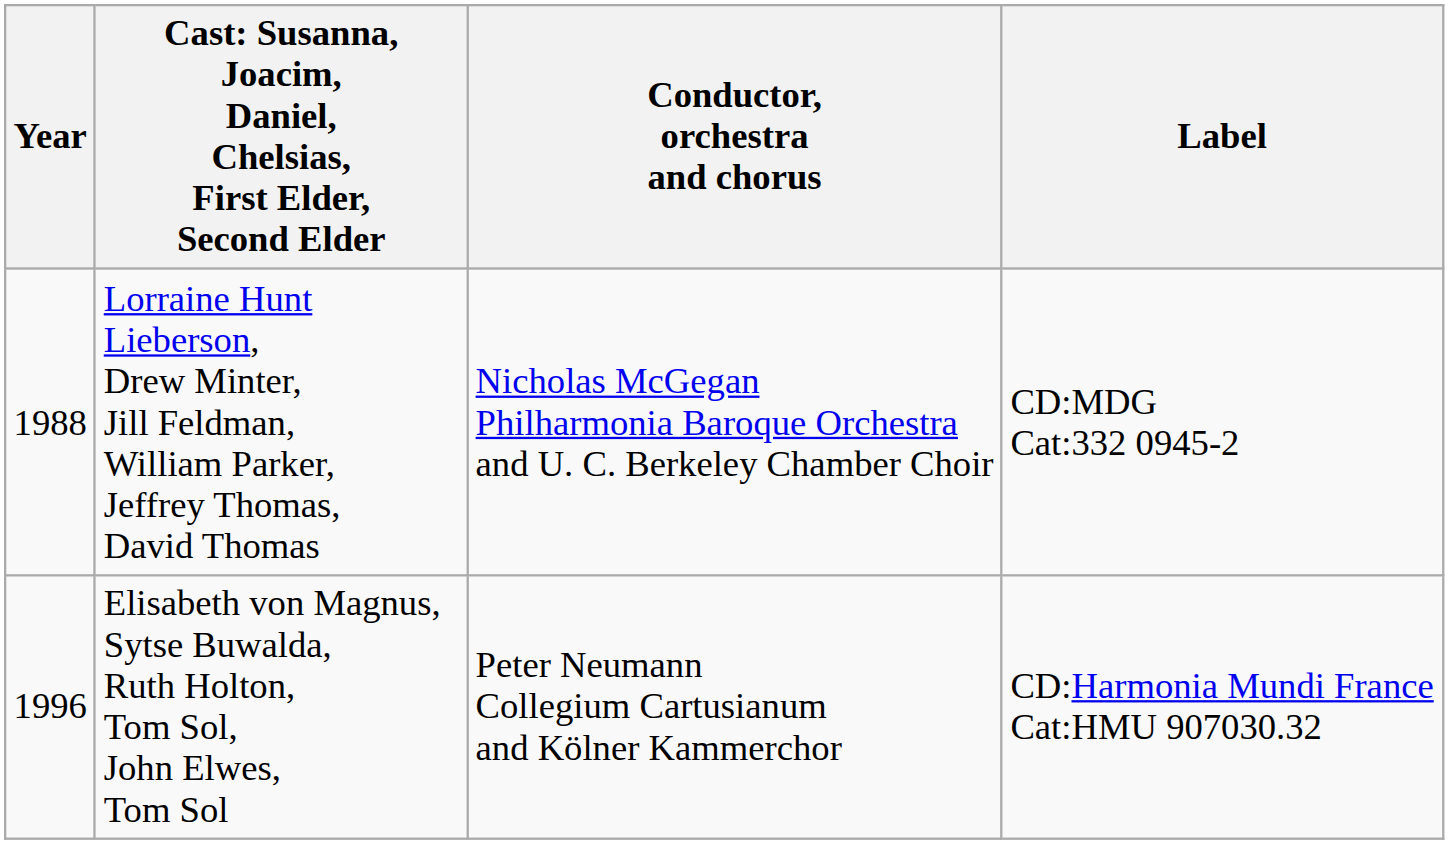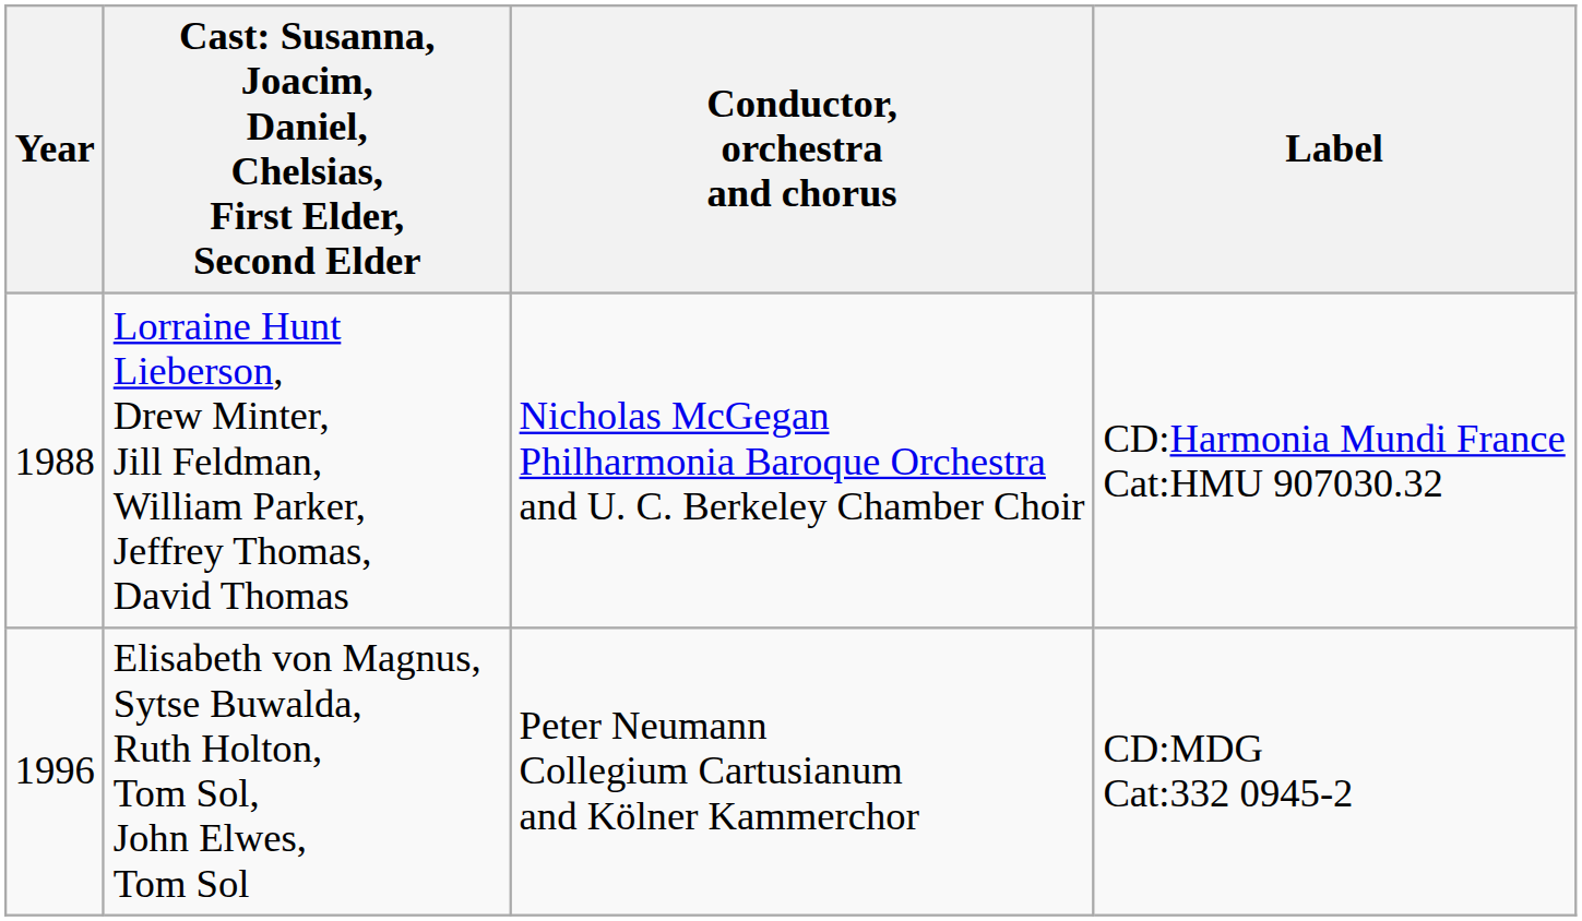 <table class="wikitable">
 <tr>
 <th>Year</th>
 <th width="155">Cast: Susanna,<br>Joacim,<br>Daniel,<br>Chelsias,<br>First Elder,<br>Second Elder<br></th>
 <th>Conductor,<br>orchestra<br>and chorus</th>
 <th>Label</th>
 </tr>
 <tr>
 <td>1988</td>
 <td><a href='#'>Lorraine Hunt Lieberson</a>,<br>Drew Minter,<br>Jill Feldman,<br>William Parker,<br>Jeffrey Thomas,<br>David Thomas<br></td>
 <td><a href='#'>Nicholas McGegan</a><br><a href='#'>Philharmonia Baroque Orchestra</a><br> and U. C. Berkeley Chamber Choir</td>
-<td>CD:MDG<br> Cat:332 0945-2</td>
+<td>CD:<a href='#'>Harmonia Mundi France</a><br> Cat:HMU 907030.32</td>
 </tr>
 <tr>
 <td>1996</td>
 <td>Elisabeth von Magnus,<br>Sytse Buwalda,<br>Ruth Holton,<br>Tom Sol,<br>John Elwes,<br>Tom Sol<br></td>
 <td>Peter Neumann<br> Collegium Cartusianum<br> and Kölner Kammerchor</td>
-<td>CD:<a href='#'>Harmonia Mundi France</a><br> Cat:HMU 907030.32</td>
+<td>CD:MDG<br> Cat:332 0945-2</td>
 </tr>
 </table>
